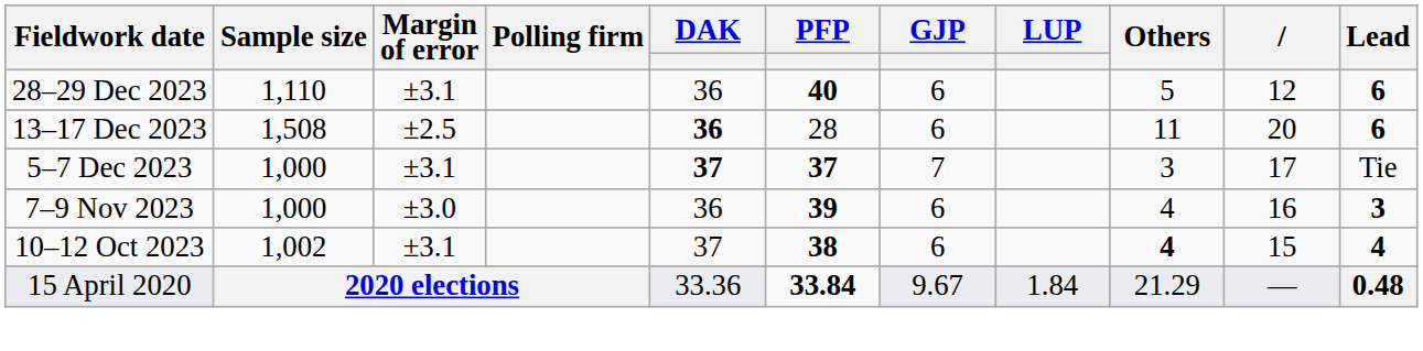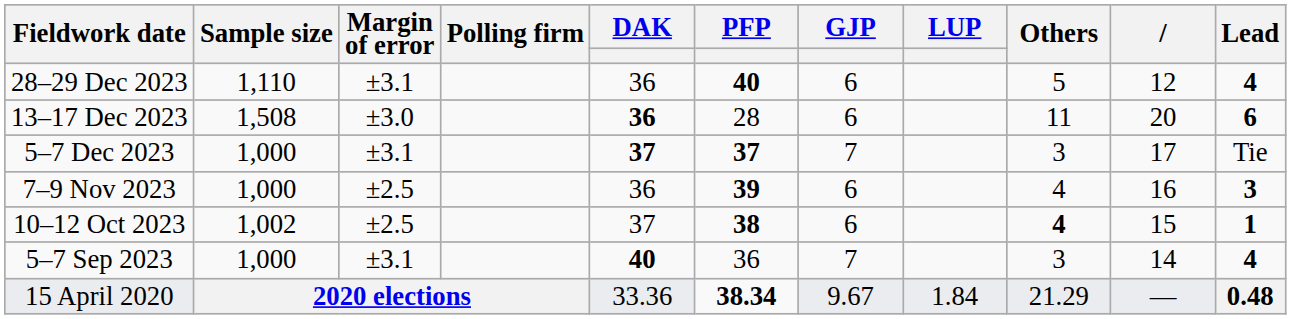 <table class="wikitable mw-datatable sortable mw-collapsible" style="text-align:center; line-height:14px">
 <tr>
 <th class="unsortable" rowspan="2">Fieldwork date</th>
 <th class="unsortable" rowspan="2">Sample size</th>
 <th class="unsortable" rowspan="2">Margin<br>of error</th>
 <th class="unsortable" rowspan="2">Polling firm</th>
 <th class="unsortable" style="width:55px"><a href='#'>DAK</a></th>
 <th class="unsortable" style="width:55px"><a href='#'>PFP</a></th>
 <th class="unsortable" style="width:55px"><a href='#'>GJP</a></th>
 <th class="unsortable" style="width:55px"><a href='#'>LUP</a></th>
 <th rowspan="2" class="unsortable" style="width:55px">Others</th>
 <th rowspan="2" class="unsortable" style="width:55px">/<br></th>
 <th rowspan="2" class="unsortable">Lead</th>
 </tr>
 <tr>
 <th style="background:"></th>
 <th style="background:"></th>
 <th style="background:"></th>
 <th style="background:"></th>
 </tr>
 <tr>
 <td data-sort-value="2023-12-29">28–29 Dec 2023</td>
 <td>1,110</td>
 <td>±3.1</td>
 <td></td>
 <td>36</td>
 <td><strong>40</strong></td>
 <td>6</td>
 <td></td>
 <td>5</td>
 <td>12</td>
-<td style="background:"><strong>6</strong></td>
+<td style="background:"><strong>4</strong></td>
 </tr>
 <tr>
 <td data-sort-value="2023-12-17">13–17 Dec 2023</td>
 <td>1,508</td>
-<td>±2.5</td>
+<td>±3.0</td>
 <td></td>
 <td><strong>36</strong></td>
 <td>28</td>
 <td>6</td>
 <td></td>
 <td>11</td>
 <td>20</td>
 <td style="background:"><strong>6</strong></td>
 </tr>
 <tr>
 <td data-sort-value="2023-12-07">5–7 Dec 2023</td>
 <td>1,000</td>
 <td>±3.1</td>
 <td></td>
 <td><strong>37</strong></td>
 <td><strong>37</strong></td>
 <td>7</td>
 <td></td>
 <td>3</td>
 <td>17</td>
 <td>Tie</td>
 </tr>
 <tr>
 <td data-sort-value="2023-11-09">7–9 Nov 2023</td>
 <td>1,000</td>
-<td>±3.0</td>
+<td>±2.5</td>
 <td></td>
 <td>36</td>
 <td><strong>39</strong></td>
 <td>6</td>
 <td></td>
 <td>4</td>
 <td>16</td>
 <td style="background:"><strong>3</strong></td>
 </tr>
 <tr>
 <td data-sort-value="2023-10-12">10–12 Oct 2023</td>
 <td>1,002</td>
-<td>±3.1</td>
+<td>±2.5</td>
 <td></td>
 <td>37</td>
 <td><strong>38</strong></td>
 <td>6</td>
 <td></td>
 <td><strong>4</strong></td>
 <td>15</td>
+<td style="background:"><strong>1</strong></td>
+</tr>
+<tr>
+<td data-sort-value="2023-09-07">5–7 Sep 2023</td>
+<td>1,000</td>
+<td>±3.1</td>
+<td></td>
+<td><strong>40</strong></td>
+<td>36</td>
+<td>7</td>
+<td></td>
+<td>3</td>
+<td>14</td>
 <td style="background:"><strong>4</strong></td>
 </tr>
 <tr>
 <td style="background:#EAECF0" data-sort-value="2020-04-15">15 April 2020</td>
 <th colspan=3><a href='#'>2020 elections</a></th>
 <td style="background:#EAECF0">33.36</td>
-<td><strong>33.84</strong></td>
+<td><strong>38.34</strong></td>
 <td style="background:#EAECF0">9.67</td>
 <td style="background:#EAECF0">1.84</td>
 <td style="background:#EAECF0">21.29</td>
 <td style="background:#EAECF0">—</td>
 <th style="background:">0.48</th>
 </tr>
 </table>
